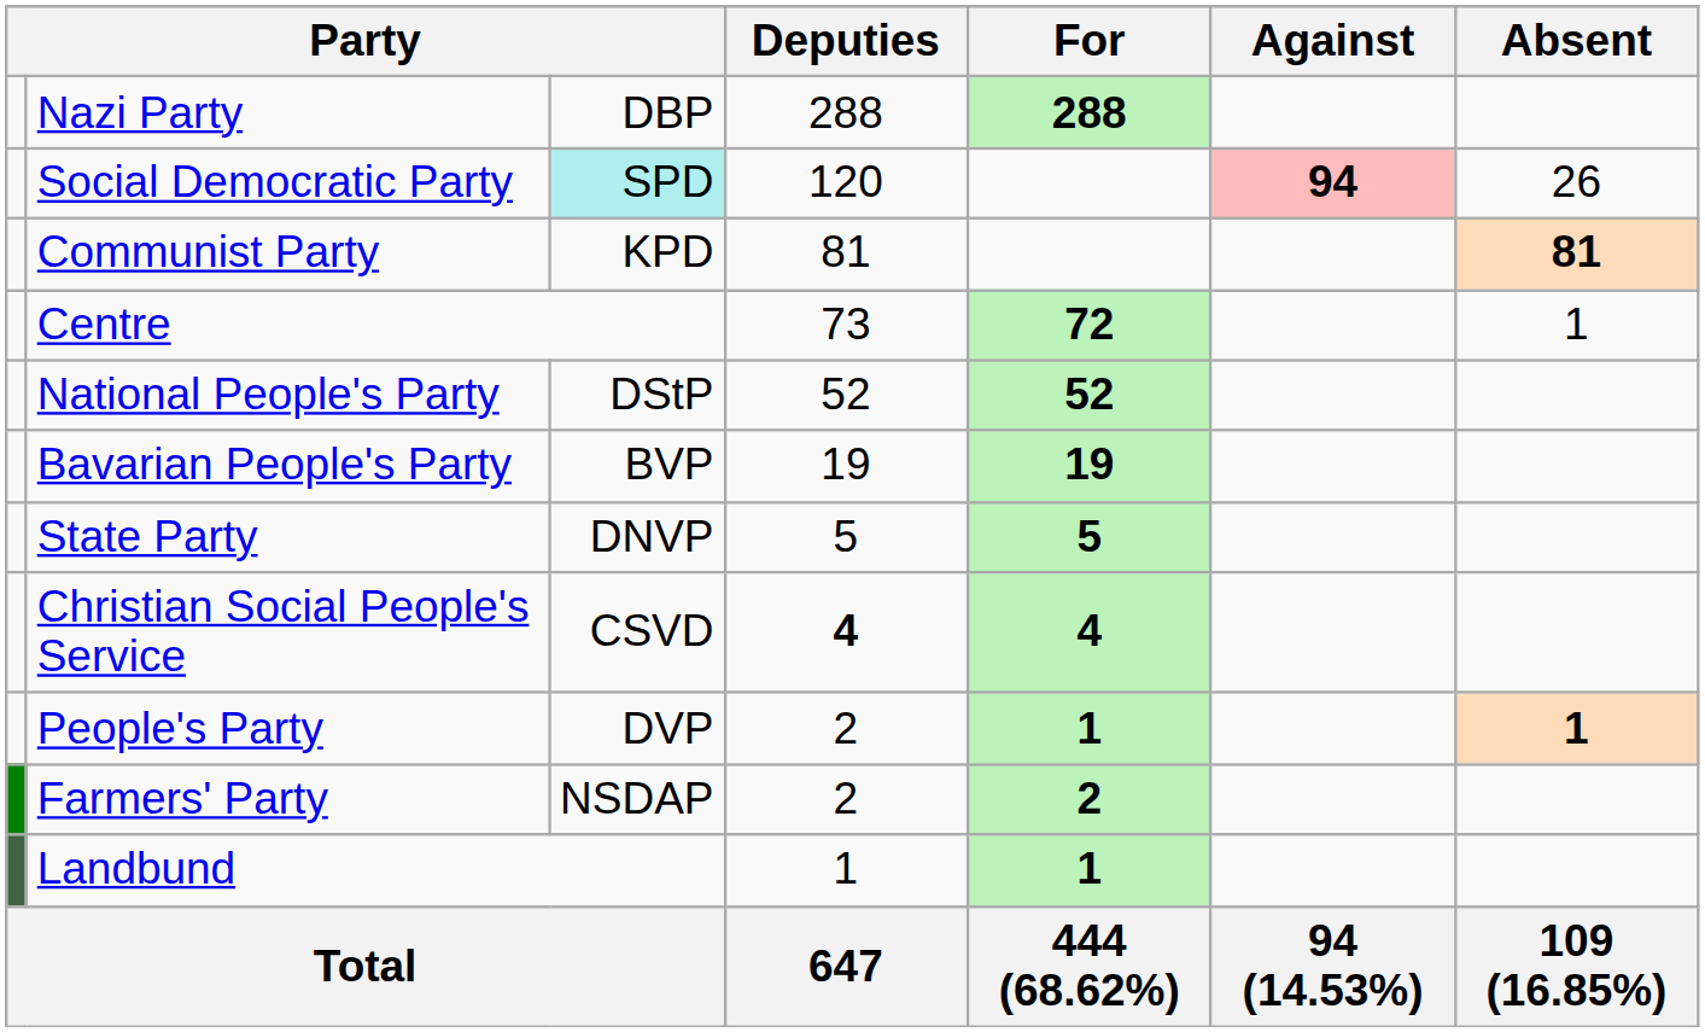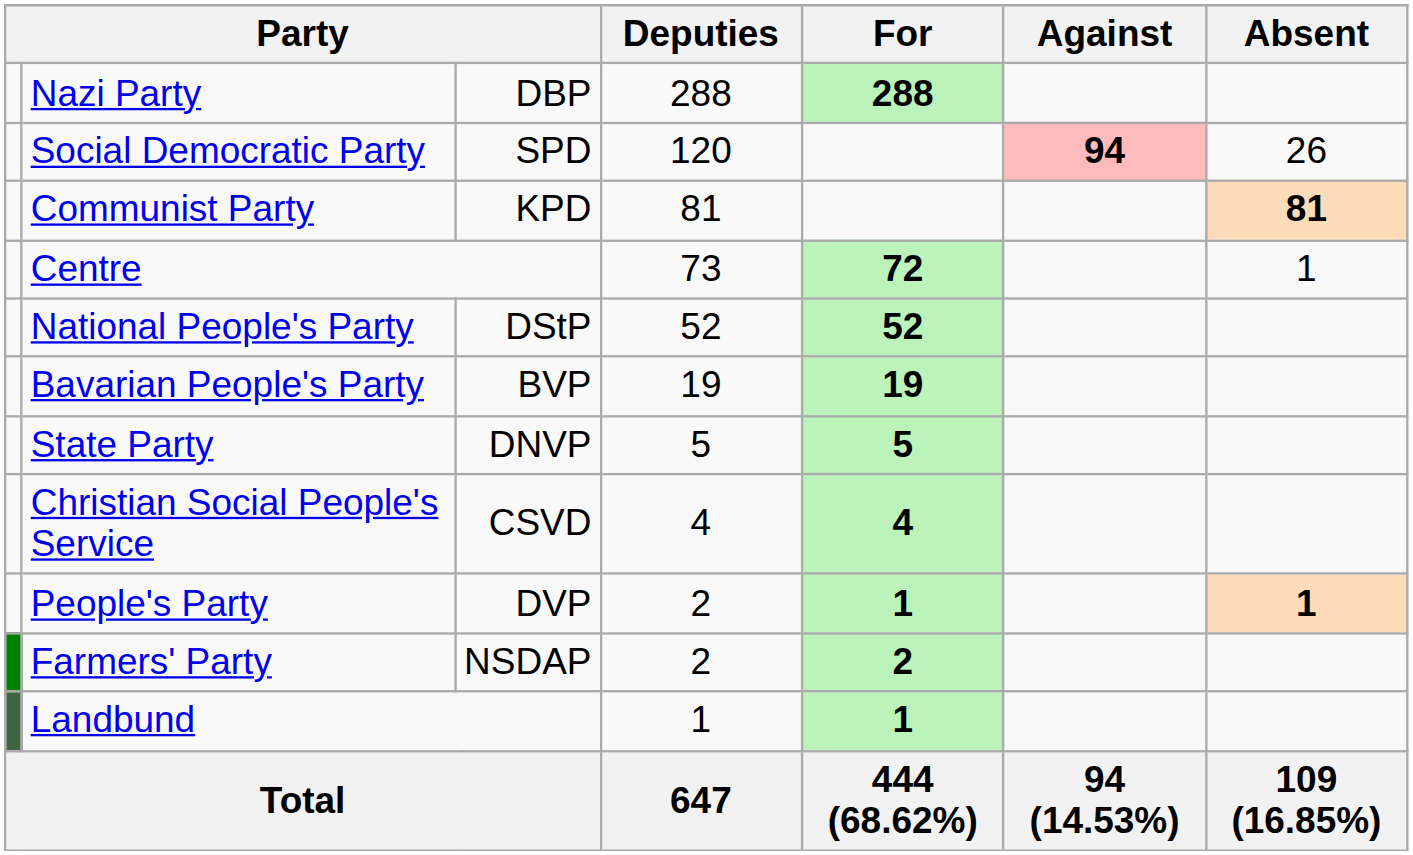 <table class="wikitable">
 <tr>
 </tr>
 <tr>
 <th width=250px colspan=3>Party</th>
 <th width=80px>Deputies</th>
 <th width=80px>For</th>
 <th width=80px>Against</th>
 <th width=80px>Absent</th>
 </tr>
 <tr>
 <td bgcolor=></td>
 <td><a href='#'>Nazi Party</a></td>
 <td align=right>DBP</td>
 <td align=center>288</td>
 <td bgcolor=#BBF3BB align=center><strong>288</strong></td>
 <td></td>
 <td></td>
 </tr>
 <tr>
 <td bgcolor=></td>
 <td><a href='#'>Social Democratic Party</a></td>
-<td align=right style="background: paleturquoise;">SPD</td>
+<td align=right>SPD</td>
 <td align=center>120</td>
 <td></td>
 <td bgcolor=#FFBBBB align=center><strong>94</strong></td>
 <td align=center>26</td>
 </tr>
 <tr>
 <td bgcolor=></td>
 <td><a href='#'>Communist Party</a></td>
 <td align=right>KPD</td>
 <td align=center>81</td>
 <td></td>
 <td></td>
 <td bgcolor=#FEDCBA align=center><strong>81</strong></td>
 </tr>
 <tr>
 <td bgcolor=></td>
 <td colspan=2><a href='#'>Centre</a></td>
 <td align=center>73</td>
 <td bgcolor=#BBF3BB align=center><strong>72</strong></td>
 <td></td>
 <td align=center>1</td>
 </tr>
 <tr>
 <td bgcolor=></td>
 <td><a href='#'>National People's Party</a></td>
 <td align=right>DStP</td>
 <td align=center>52</td>
 <td bgcolor=#BBF3BB align=center><strong>52</strong></td>
 <td></td>
 <td></td>
 </tr>
 <tr>
 <td bgcolor=></td>
 <td><a href='#'>Bavarian People's Party</a></td>
 <td align=right>BVP</td>
 <td align=center>19</td>
 <td bgcolor=#BBF3BB align=center><strong>19</strong></td>
 <td></td>
 <td></td>
 </tr>
 <tr>
 <td bgcolor=></td>
 <td><a href='#'>State Party</a></td>
 <td align=right>DNVP</td>
 <td align=center>5</td>
 <td bgcolor=#BBF3BB align=center><strong>5</strong></td>
 <td></td>
 <td></td>
 </tr>
 <tr>
 <td bgcolor=></td>
 <td><a href='#'>Christian Social People's Service</a></td>
 <td align=right>CSVD</td>
-<td align=center><strong>4</strong></td>
+<td align=center>4</td>
 <td bgcolor=#BBF3BB align=center><strong>4</strong></td>
 <td></td>
 <td></td>
 </tr>
 <tr>
 <td bgcolor=></td>
 <td><a href='#'>People's Party</a></td>
 <td align=right>DVP</td>
 <td align=center>2</td>
 <td bgcolor=#BBF3BB align=center><strong>1</strong></td>
 <td></td>
 <td bgcolor=#FEDCBA align=center><strong>1</strong></td>
 </tr>
 <tr>
 <td bgcolor=#008000></td>
 <td><a href='#'>Farmers' Party</a></td>
 <td align=right>NSDAP</td>
 <td align=center>2</td>
 <td bgcolor=#BBF3BB align=center><strong>2</strong></td>
 <td></td>
 <td></td>
 </tr>
 <tr>
 <td bgcolor=#3F6441></td>
 <td colspan=2><a href='#'>Landbund</a></td>
 <td align=center>1</td>
 <td bgcolor=#BBF3BB align=center><strong>1</strong></td>
 <td></td>
 <td></td>
 </tr>
 <tr>
 <th colspan=3>Total</th>
 <th align=center>647</th>
 <th bgcolor=#BBF3BB align=center><strong>444 (68.62%)</strong></th>
 <th align=center>94<br>(14.53%)</th>
 <th align=center>109 (16.85%)</th>
 </tr>
 </table>
